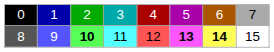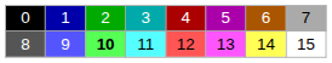 <table class="wikitable" style="color: white; text-align: center;">
 <tr>
 <td style="color: white; background-color: #000; width: 2pc;">0</td>
 <td style="color: white; background-color: #00a; width: 2pc;">1</td>
 <td style="color: white; background-color: #0a0; width: 2pc;">2</td>
 <td style="color: white; background-color: #0aa; width: 2pc;">3</td>
 <td style="color: white; background-color: #a00; width: 2pc;">4</td>
 <td style="color: white; background-color: #a0a; width: 2pc;">5</td>
 <td style="color: white; background-color: #a50; width: 2pc;">6</td>
 <td style="color: black; background-color: #aaa; width: 2pc;">7</td>
 </tr>
 <tr>
 <td style="color: white; background-color: #555; width: 2pc;">8</td>
 <td style="color: white; background-color: #55f; width: 2pc;">9</td>
 <td style="color: black; background-color: #5f5; width: 2pc;"><strong>10</strong></td>
 <td style="color: black; background-color: #5ff; width: 2pc;">11</td>
 <td style="color: black; background-color: #f55; width: 2pc;">12</td>
-<td style="color: black; background-color: #f5f; width: 2pc;"><strong>13</strong></td>
-<td style="color: black; background-color: #ff5; width: 2pc;"><strong>14</strong></td>
+<td style="color: black; background-color: #f5f; width: 2pc;">13</td>
+<td style="color: black; background-color: #ff5; width: 2pc;">14</td>
 <td style="color: black; background-color: #fff; width: 2pc;">15</td>
 </tr>
 </table>
